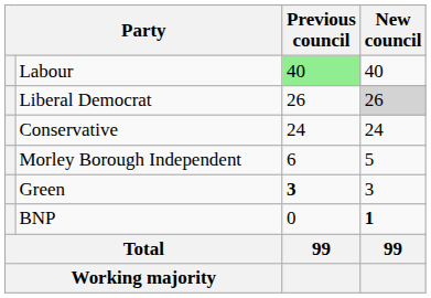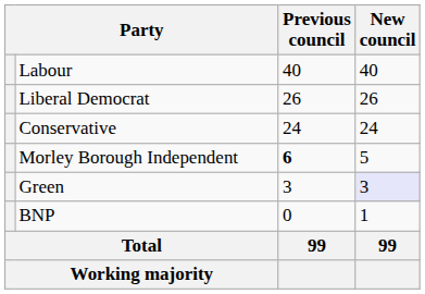 <table class="wikitable">
 <tr>
 <th valign=centre colspan="2" style="width: 230px">Party</th>
 <th valign=top style="width: 30px">Previous council</th>
 <th valign=top style="width: 30px">New council</th>
 </tr>
 <tr>
 <th style="background-color: "></th>
 <td>Labour</td>
-<td style="background: lightgreen;">40</td>
+<td>40</td>
 <td>40</td>
 </tr>
 <tr>
 <th style="background-color: "></th>
 <td>Liberal Democrat</td>
 <td>26</td>
-<td style="background: lightgrey;">26</td>
+<td>26</td>
 </tr>
 <tr>
 <th style="background-color: "></th>
 <td>Conservative</td>
 <td>24</td>
 <td>24</td>
 </tr>
 <tr>
 <th style="background-color: "></th>
 <td>Morley Borough Independent</td>
-<td>6</td>
+<td><strong>6</strong></td>
 <td>5</td>
 </tr>
 <tr>
 <th style="background-color: "></th>
 <td>Green</td>
-<td><strong>3</strong></td>
 <td>3</td>
+<td style="background: lavender;">3</td>
 </tr>
 <tr>
 <th style="background-color: "></th>
 <td>BNP</td>
 <td>0</td>
-<td><strong>1</strong></td>
+<td>1</td>
 </tr>
 <tr>
 <th colspan=2>Total</th>
 <th style="text-align: center">99</th>
 <th colspan=3>99</th>
 </tr>
 <tr>
 <th colspan=2>Working majority</th>
 <th></th>
 <th></th>
 </tr>
 </table>
